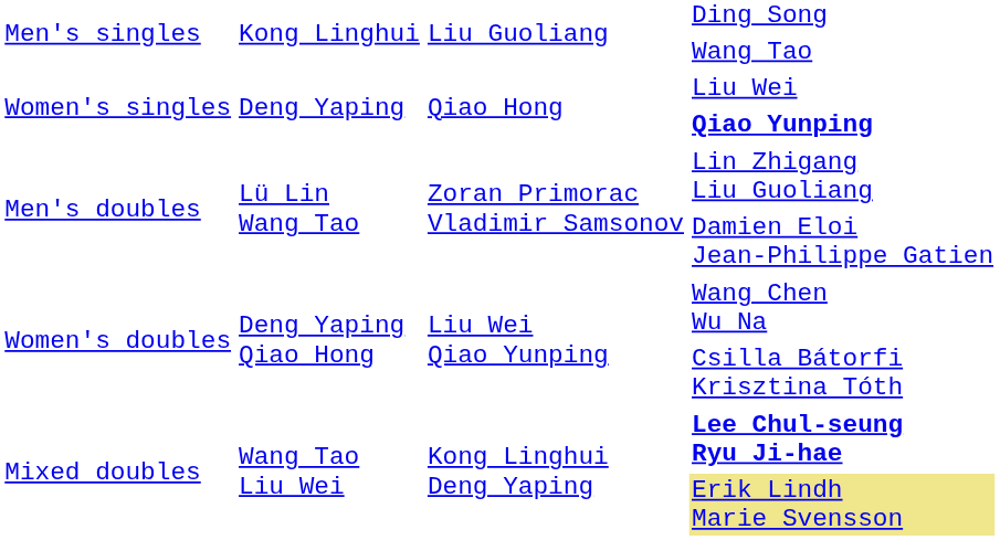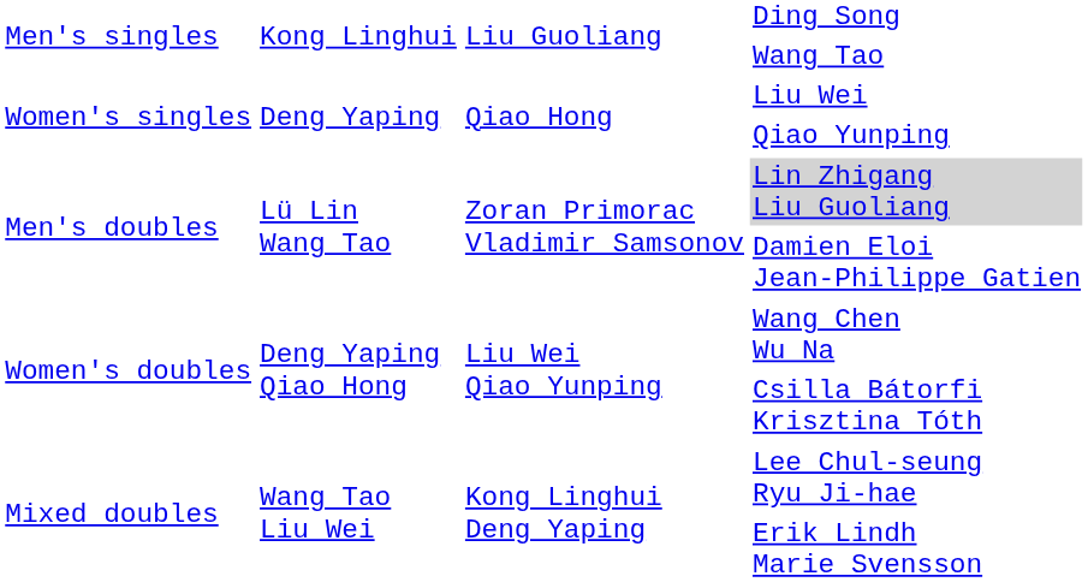 <table>
 <tr>
 <td rowspan=2><a href='#'>Men's singles</a></td>
 <td rowspan=2> <a href='#'>Kong Linghui</a></td>
 <td rowspan=2> <a href='#'>Liu Guoliang</a></td>
 <td> <a href='#'>Ding Song</a></td>
 </tr>
 <tr>
 <td> <a href='#'>Wang Tao</a></td>
 </tr>
 <tr>
 <td rowspan=2><a href='#'>Women's singles</a></td>
 <td rowspan=2> <a href='#'>Deng Yaping</a></td>
 <td rowspan=2> <a href='#'>Qiao Hong</a></td>
 <td> <a href='#'>Liu Wei</a></td>
 </tr>
 <tr>
-<td><strong> <a href='#'>Qiao Yunping</a></strong></td>
+<td> <a href='#'>Qiao Yunping</a></td>
 </tr>
 <tr>
 <td rowspan=2><a href='#'>Men's doubles</a></td>
 <td rowspan=2> <a href='#'>Lü Lin</a><br> <a href='#'>Wang Tao</a></td>
 <td rowspan=2> <a href='#'>Zoran Primorac</a><br> <a href='#'>Vladimir Samsonov</a></td>
-<td> <a href='#'>Lin Zhigang</a><br> <a href='#'>Liu Guoliang</a></td>
+<td style="background: lightgrey;"> <a href='#'>Lin Zhigang</a><br> <a href='#'>Liu Guoliang</a></td>
 </tr>
 <tr>
 <td> <a href='#'>Damien Eloi</a><br> <a href='#'>Jean-Philippe Gatien</a></td>
 </tr>
 <tr>
 <td rowspan=2><a href='#'>Women's doubles</a></td>
 <td rowspan=2> <a href='#'>Deng Yaping</a><br> <a href='#'>Qiao Hong</a></td>
 <td rowspan=2> <a href='#'>Liu Wei</a><br> <a href='#'>Qiao Yunping</a></td>
 <td> <a href='#'>Wang Chen</a><br> <a href='#'>Wu Na</a></td>
 </tr>
 <tr>
 <td> <a href='#'>Csilla Bátorfi</a><br> <a href='#'>Krisztina Tóth</a></td>
 </tr>
 <tr>
 <td rowspan=2><a href='#'>Mixed doubles</a></td>
 <td rowspan=2> <a href='#'>Wang Tao</a><br> <a href='#'>Liu Wei</a></td>
 <td rowspan=2> <a href='#'>Kong Linghui</a><br> <a href='#'>Deng Yaping</a></td>
-<td><strong> <a href='#'>Lee Chul-seung</a><br> <a href='#'>Ryu Ji-hae</a></strong></td>
+<td> <a href='#'>Lee Chul-seung</a><br> <a href='#'>Ryu Ji-hae</a></td>
 </tr>
 <tr>
-<td style="background: khaki;"> <a href='#'>Erik Lindh</a><br> <a href='#'>Marie Svensson</a></td>
+<td> <a href='#'>Erik Lindh</a><br> <a href='#'>Marie Svensson</a></td>
 </tr>
 </table>
